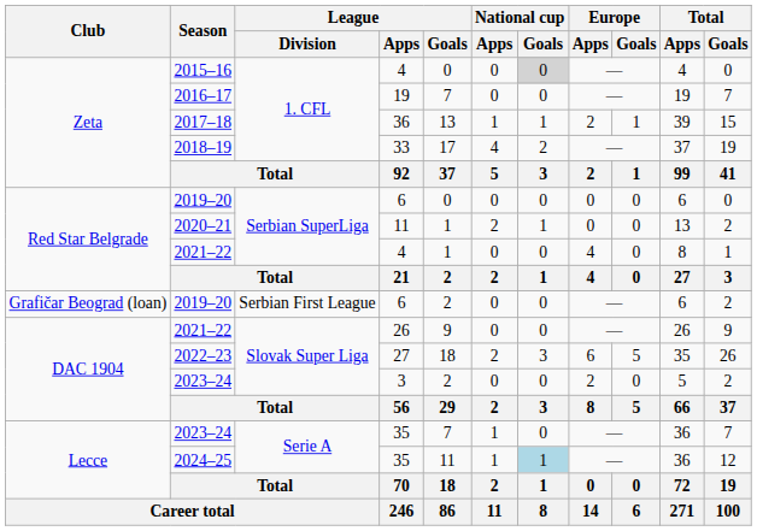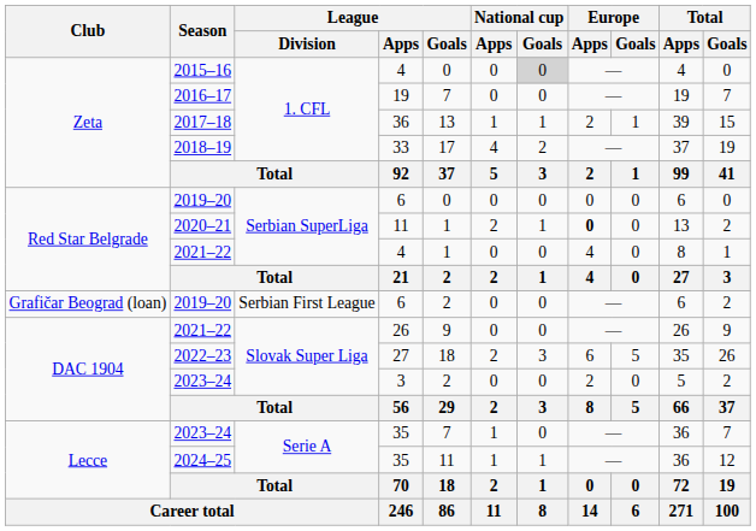 <table class="wikitable" style="text-align:center">
 <tr>
 <th rowspan="2">Club</th>
 <th rowspan="2">Season</th>
 <th colspan="3">League</th>
 <th colspan="2">National cup</th>
 <th colspan="2">Europe</th>
 <th colspan="2">Total</th>
 </tr>
 <tr>
 <th>Division</th>
 <th>Apps</th>
 <th>Goals</th>
 <th>Apps</th>
 <th>Goals</th>
 <th>Apps</th>
 <th>Goals</th>
 <th>Apps</th>
 <th>Goals</th>
 </tr>
 <tr>
 <td rowspan="5"><a href='#'>Zeta</a></td>
 <td><a href='#'>2015–16</a></td>
 <td rowspan=4><a href='#'>1. CFL</a></td>
 <td>4</td>
 <td>0</td>
 <td>0</td>
 <td style="background: lightgrey;">0</td>
 <td colspan="2">—</td>
 <td>4</td>
 <td>0</td>
 </tr>
 <tr>
 <td><a href='#'>2016–17</a></td>
 <td>19</td>
 <td>7</td>
 <td>0</td>
 <td>0</td>
 <td colspan="2">—</td>
 <td>19</td>
 <td>7</td>
 </tr>
 <tr>
 <td><a href='#'>2017–18</a></td>
 <td>36</td>
 <td>13</td>
 <td>1</td>
 <td>1</td>
 <td>2</td>
 <td>1</td>
 <td>39</td>
 <td>15</td>
 </tr>
 <tr>
 <td><a href='#'>2018–19</a></td>
 <td>33</td>
 <td>17</td>
 <td>4</td>
 <td>2</td>
 <td colspan="2">—</td>
 <td>37</td>
 <td>19</td>
 </tr>
 <tr>
 <th colspan="2">Total</th>
 <th>92</th>
 <th>37</th>
 <th>5</th>
 <th>3</th>
 <th>2</th>
 <th>1</th>
 <th>99</th>
 <th>41</th>
 </tr>
 <tr>
 <td rowspan="4"><a href='#'>Red Star Belgrade</a></td>
 <td><a href='#'>2019–20</a></td>
 <td rowspan=3><a href='#'>Serbian SuperLiga</a></td>
 <td>6</td>
 <td>0</td>
 <td>0</td>
 <td>0</td>
 <td>0</td>
 <td>0</td>
 <td>6</td>
 <td>0</td>
 </tr>
 <tr>
 <td><a href='#'>2020–21</a></td>
 <td>11</td>
 <td>1</td>
 <td>2</td>
 <td>1</td>
-<td>0</td>
+<td><strong>0</strong></td>
 <td>0</td>
 <td>13</td>
 <td>2</td>
 </tr>
 <tr>
 <td><a href='#'>2021–22</a></td>
 <td>4</td>
 <td>1</td>
 <td>0</td>
 <td>0</td>
 <td>4</td>
 <td>0</td>
 <td>8</td>
 <td>1</td>
 </tr>
 <tr>
 <th colspan="2">Total</th>
 <th>21</th>
 <th>2</th>
 <th>2</th>
 <th>1</th>
 <th>4</th>
 <th>0</th>
 <th>27</th>
 <th>3</th>
 </tr>
 <tr>
 <td><a href='#'>Grafičar Beograd</a> (loan)</td>
 <td><a href='#'>2019–20</a></td>
 <td>Serbian First League</td>
 <td>6</td>
 <td>2</td>
 <td>0</td>
 <td>0</td>
 <td colspan="2">—</td>
 <td>6</td>
 <td>2</td>
 </tr>
 <tr>
 <td rowspan="4"><a href='#'>DAC 1904</a></td>
 <td><a href='#'>2021–22</a></td>
 <td rowspan=3><a href='#'>Slovak Super Liga</a></td>
 <td>26</td>
 <td>9</td>
 <td>0</td>
 <td>0</td>
 <td colspan="2">—</td>
 <td>26</td>
 <td>9</td>
 </tr>
 <tr>
 <td><a href='#'>2022–23</a></td>
 <td>27</td>
 <td>18</td>
 <td>2</td>
 <td>3</td>
 <td>6</td>
 <td>5</td>
 <td>35</td>
 <td>26</td>
 </tr>
 <tr>
 <td><a href='#'>2023–24</a></td>
 <td>3</td>
 <td>2</td>
 <td>0</td>
 <td>0</td>
 <td>2</td>
 <td>0</td>
 <td>5</td>
 <td>2</td>
 </tr>
 <tr>
 <th colspan="2">Total</th>
 <th>56</th>
 <th>29</th>
 <th>2</th>
 <th>3</th>
 <th>8</th>
 <th>5</th>
 <th>66</th>
 <th>37</th>
 </tr>
 <tr>
 <td rowspan="3"><a href='#'>Lecce</a></td>
 <td><a href='#'>2023–24</a></td>
 <td rowspan=2><a href='#'>Serie A</a></td>
 <td>35</td>
 <td>7</td>
 <td>1</td>
 <td>0</td>
 <td colspan="2">—</td>
 <td>36</td>
 <td>7</td>
 </tr>
 <tr>
 <td><a href='#'>2024–25</a></td>
 <td>35</td>
 <td>11</td>
 <td>1</td>
-<td style="background: lightblue;">1</td>
+<td>1</td>
 <td colspan="2">—</td>
 <td>36</td>
 <td>12</td>
 </tr>
 <tr>
 <th colspan="2">Total</th>
 <th>70</th>
 <th>18</th>
 <th>2</th>
 <th>1</th>
 <th>0</th>
 <th>0</th>
 <th>72</th>
 <th>19</th>
 </tr>
 <tr>
 <th colspan="3">Career total</th>
 <th>246</th>
 <th>86</th>
 <th>11</th>
 <th>8</th>
 <th>14</th>
 <th>6</th>
 <th>271</th>
 <th>100</th>
 </tr>
 </table>
